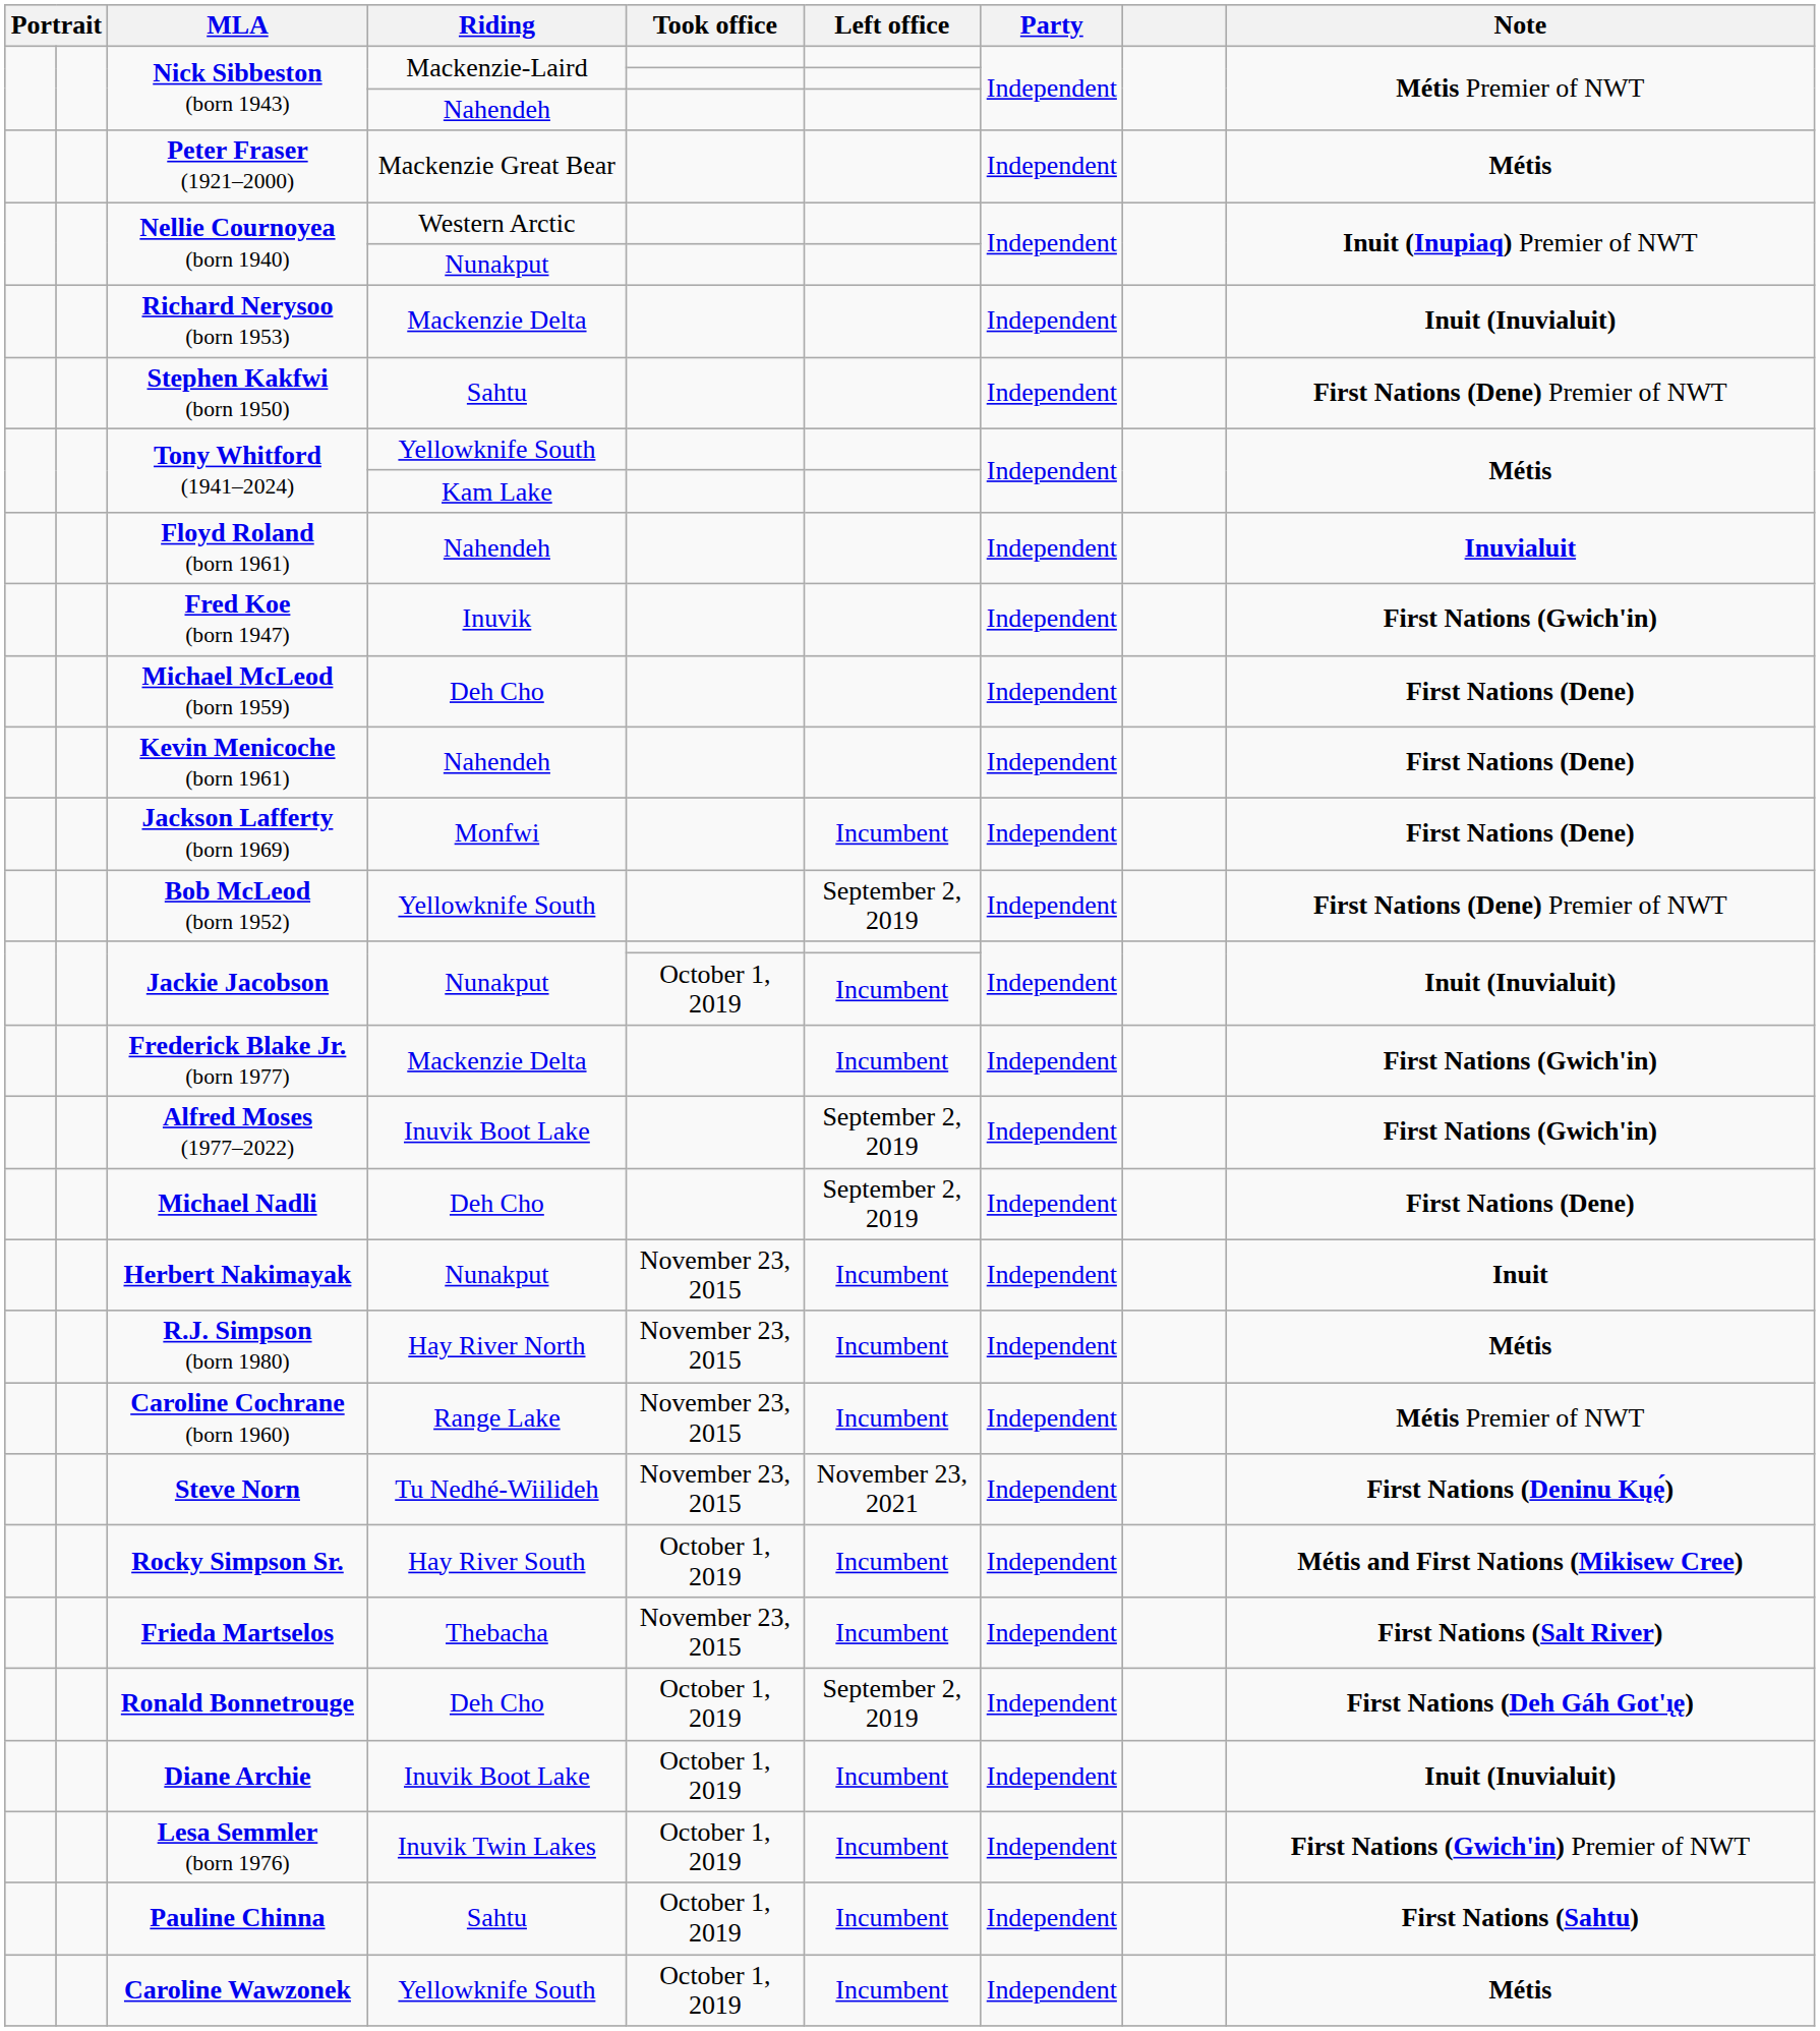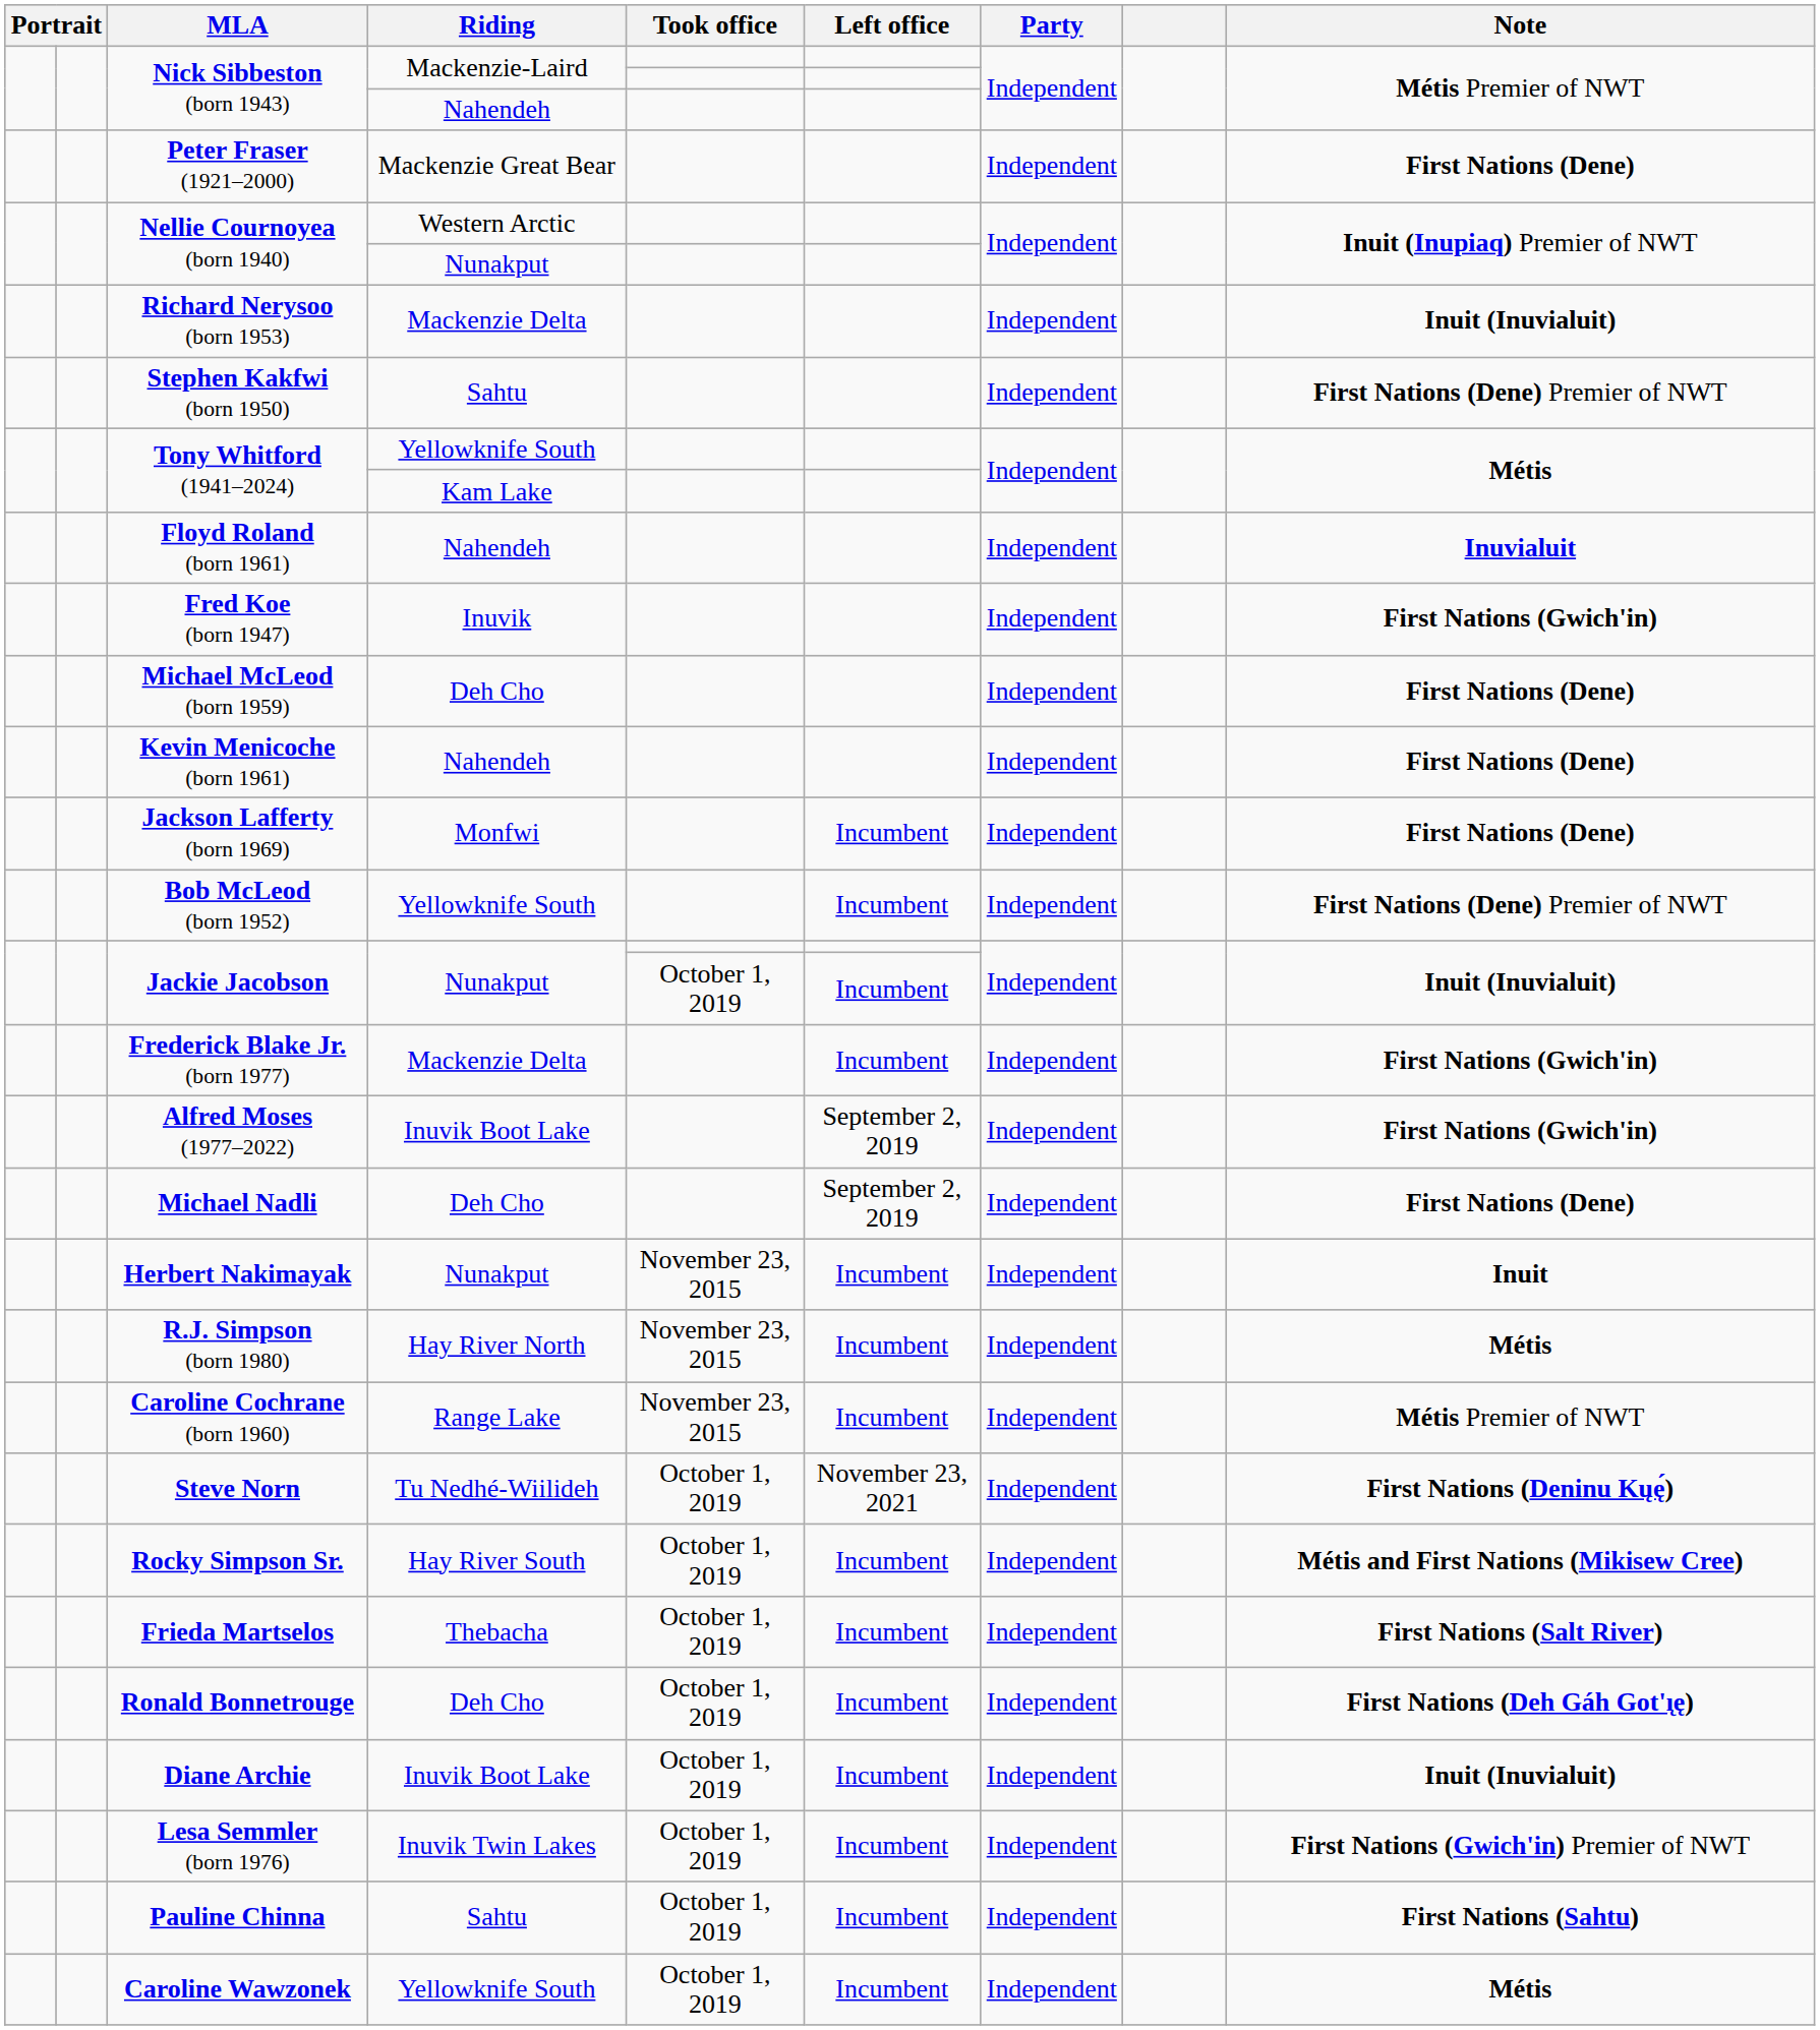 <table class="wikitable sortable plainrowheaders" style="text-align: center;">
 <tr>
 <th colspan="2" class=unsortable>Portrait</th>
 <th class="unsortable" style="width:150px;"><a href='#'>MLA</a></th>
 <th scope="col" style="width:150px;"><a href='#'>Riding</a></th>
 <th scope="col" style="width:100px;">Took office</th>
 <th scope="col" style="width:100px;">Left office</th>
 <th scope="col" style="width:70px;"><a href='#'>Party</a></th>
 <th scope="col" class="unsortable" style="width:55px;"></th>
 <th scope="col" class="unsortable" style="width:350px;">Note</th>
 </tr>
 <tr>
 <td rowspan="3" style="background:"></td>
 <td rowspan="3"></td>
 <td rowspan="3"><strong><a href='#'>Nick Sibbeston</a></strong><br><small>(born 1943)</small></td>
 <td rowspan="2">Mackenzie-Laird</td>
 <td></td>
 <td></td>
 <td rowspan="3"><a href='#'>Independent</a></td>
 <td rowspan="3"></td>
 <td rowspan="3"><strong>Métis</strong> Premier of NWT</td>
 </tr>
 <tr>
 <td></td>
 <td></td>
 </tr>
 <tr>
 <td><a href='#'>Nahendeh</a></td>
 <td></td>
 <td></td>
 </tr>
 <tr>
 <td rowspan="1" style="background:"></td>
 <td></td>
 <td><strong><a href='#'>Peter Fraser</a></strong><br><small>(1921–2000)</small></td>
 <td>Mackenzie Great Bear</td>
 <td></td>
 <td></td>
 <td><a href='#'>Independent</a></td>
 <td></td>
-<td><strong>Métis</strong></td>
+<td><strong>First Nations (Dene)</strong></td>
 </tr>
 <tr>
 <td rowspan="2" style="background:"></td>
 <td rowspan="2"></td>
 <td rowspan="2"><strong><a href='#'>Nellie Cournoyea</a></strong><br><small>(born 1940)</small></td>
 <td>Western Arctic</td>
 <td></td>
 <td></td>
 <td rowspan="2"><a href='#'>Independent</a></td>
 <td rowspan="2"></td>
 <td rowspan="2"><strong>Inuit (<a href='#'>Inupiaq</a>)</strong> Premier of NWT</td>
 </tr>
 <tr>
 <td><a href='#'>Nunakput</a></td>
 <td></td>
 <td></td>
 </tr>
 <tr>
 <td rowspan="1" style="background:"></td>
 <td></td>
 <td><strong><a href='#'>Richard Nerysoo</a></strong><br><small>(born 1953)</small></td>
 <td><a href='#'>Mackenzie Delta</a></td>
 <td></td>
 <td></td>
 <td><a href='#'>Independent</a></td>
 <td></td>
 <td><strong>Inuit (Inuvialuit)</strong></td>
 </tr>
 <tr>
 <td rowspan="1" style="background:"></td>
 <td></td>
 <td><strong><a href='#'>Stephen Kakfwi</a></strong><br><small>(born 1950)</small></td>
 <td><a href='#'>Sahtu</a></td>
 <td></td>
 <td></td>
 <td><a href='#'>Independent</a></td>
 <td></td>
 <td><strong>First Nations (Dene)</strong> Premier of NWT</td>
 </tr>
 <tr>
 <td rowspan="2" style="background:"></td>
 <td rowspan="2"></td>
 <td rowspan="2"><strong><a href='#'>Tony Whitford</a></strong><br><small>(1941–2024)</small></td>
 <td><a href='#'>Yellowknife South</a></td>
 <td></td>
 <td></td>
 <td rowspan="2"><a href='#'>Independent</a></td>
 <td rowspan="2"></td>
 <td rowspan="2"><strong>Métis</strong></td>
 </tr>
 <tr>
 <td><a href='#'>Kam Lake</a></td>
 <td></td>
 <td></td>
 </tr>
 <tr>
 <td rowspan="1" style="background:"></td>
 <td></td>
 <td><strong><a href='#'>Floyd Roland</a></strong><br><small>(born 1961)</small></td>
 <td><a href='#'>Nahendeh</a></td>
 <td></td>
 <td></td>
 <td><a href='#'>Independent</a></td>
 <td></td>
 <td><strong><a href='#'>Inuvialuit</a></strong></td>
 </tr>
 <tr>
 <td rowspan="1" style="background:"></td>
 <td></td>
 <td><strong><a href='#'>Fred Koe</a></strong><br><small>(born 1947)</small></td>
 <td><a href='#'>Inuvik</a></td>
 <td></td>
 <td></td>
 <td><a href='#'>Independent</a></td>
 <td></td>
 <td><strong>First Nations (Gwich'in)</strong></td>
 </tr>
 <tr>
 <td rowspan="1" style="background:"></td>
 <td></td>
 <td><strong><a href='#'>Michael McLeod</a></strong><br><small>(born 1959)</small></td>
 <td><a href='#'>Deh Cho</a></td>
 <td></td>
 <td></td>
 <td><a href='#'>Independent</a></td>
 <td></td>
 <td><strong>First Nations (Dene)</strong></td>
 </tr>
 <tr>
 <td rowspan="1" style="background:"></td>
 <td></td>
 <td><strong><a href='#'>Kevin Menicoche</a></strong><br><small>(born 1961)</small></td>
 <td><a href='#'>Nahendeh</a></td>
 <td></td>
 <td></td>
 <td><a href='#'>Independent</a></td>
 <td></td>
 <td><strong>First Nations (Dene)</strong></td>
 </tr>
 <tr>
 <td rowspan="1" style="background:"></td>
 <td></td>
 <td><strong><a href='#'>Jackson Lafferty</a></strong><br><small>(born 1969)</small></td>
 <td><a href='#'>Monfwi</a></td>
 <td></td>
 <td><a href='#'>Incumbent</a></td>
 <td><a href='#'>Independent</a></td>
 <td></td>
 <td><strong>First Nations (Dene)</strong></td>
 </tr>
 <tr>
 <td rowspan="1" style="background:"></td>
 <td></td>
 <td><strong><a href='#'>Bob McLeod</a></strong><br><small>(born 1952)</small></td>
 <td><a href='#'>Yellowknife South</a></td>
 <td></td>
-<td>September 2, 2019</td>
+<td><a href='#'>Incumbent</a></td>
 <td><a href='#'>Independent</a></td>
 <td></td>
 <td><strong>First Nations (Dene)</strong> Premier of NWT</td>
 </tr>
 <tr>
 <td rowspan="2" style="background:"></td>
 <td rowspan="2"></td>
 <td rowspan="2"><strong><a href='#'>Jackie Jacobson</a></strong></td>
 <td rowspan="2"><a href='#'>Nunakput</a></td>
 <td></td>
 <td></td>
 <td rowspan="2"><a href='#'>Independent</a></td>
 <td rowspan="2"></td>
 <td rowspan="2"><strong>Inuit (Inuvialuit)</strong></td>
 </tr>
 <tr>
 <td>October 1, 2019</td>
 <td><a href='#'>Incumbent</a></td>
 </tr>
 <tr>
 <td rowspan="1" style="background:"></td>
 <td></td>
 <td><strong><a href='#'>Frederick Blake Jr.</a></strong><br><small>(born 1977)</small></td>
 <td><a href='#'>Mackenzie Delta</a></td>
 <td></td>
 <td><a href='#'>Incumbent</a></td>
 <td><a href='#'>Independent</a></td>
 <td></td>
 <td><strong>First Nations (Gwich'in)</strong></td>
 </tr>
 <tr>
 <td rowspan="1" style="background:"></td>
 <td></td>
 <td><strong><a href='#'>Alfred Moses</a></strong><br><small>(1977–2022)</small></td>
 <td><a href='#'>Inuvik Boot Lake</a></td>
 <td></td>
 <td>September 2, 2019</td>
 <td><a href='#'>Independent</a></td>
 <td></td>
 <td><strong>First Nations (Gwich'in)</strong></td>
 </tr>
 <tr>
 <td rowspan="1" style="background:"></td>
 <td></td>
 <td><strong><a href='#'>Michael Nadli</a></strong></td>
 <td><a href='#'>Deh Cho</a></td>
 <td></td>
 <td>September 2, 2019</td>
 <td><a href='#'>Independent</a></td>
 <td></td>
 <td><strong>First Nations (Dene)</strong></td>
 </tr>
 <tr>
 <td rowspan="1" style="background:"></td>
 <td></td>
 <td><strong><a href='#'>Herbert Nakimayak</a></strong></td>
 <td><a href='#'>Nunakput</a></td>
 <td>November 23, 2015</td>
 <td><a href='#'>Incumbent</a></td>
 <td><a href='#'>Independent</a></td>
 <td></td>
 <td><strong>Inuit</strong></td>
 </tr>
 <tr>
 <td rowspan="1" style="background:"></td>
 <td></td>
 <td><strong><a href='#'>R.J. Simpson</a></strong><br><small>(born 1980)</small></td>
 <td><a href='#'>Hay River North</a></td>
 <td>November 23, 2015</td>
 <td><a href='#'>Incumbent</a></td>
 <td><a href='#'>Independent</a></td>
 <td></td>
 <td><strong>Métis</strong></td>
 </tr>
 <tr>
 <td rowspan="1" style="background:"></td>
 <td></td>
 <td><strong><a href='#'>Caroline Cochrane</a></strong><br><small>(born 1960)</small></td>
 <td><a href='#'>Range Lake</a></td>
 <td>November 23, 2015</td>
 <td><a href='#'>Incumbent</a></td>
 <td><a href='#'>Independent</a></td>
 <td></td>
 <td><strong>Métis</strong> Premier of NWT</td>
 </tr>
 <tr>
 <td rowspan="1" style="background:"></td>
 <td></td>
 <td><strong><a href='#'>Steve Norn</a></strong></td>
 <td><a href='#'>Tu Nedhé-Wiilideh</a></td>
-<td>November 23, 2015</td>
+<td>October 1, 2019</td>
 <td>November 23, 2021</td>
 <td><a href='#'>Independent</a></td>
 <td></td>
 <td><strong>First Nations (<a href='#'>Deninu Kųę́</a>)</strong></td>
 </tr>
 <tr>
 <td rowspan="1" style="background:"></td>
 <td></td>
 <td><strong><a href='#'>Rocky Simpson Sr.</a></strong></td>
 <td><a href='#'>Hay River South</a></td>
 <td>October 1, 2019</td>
 <td><a href='#'>Incumbent</a></td>
 <td><a href='#'>Independent</a></td>
 <td></td>
 <td><strong>Métis and First Nations (<a href='#'>Mikisew Cree</a>)</strong></td>
 </tr>
 <tr>
 <td rowspan="1" style="background:"></td>
 <td></td>
 <td><strong><a href='#'>Frieda Martselos</a></strong></td>
 <td><a href='#'>Thebacha</a></td>
-<td>November 23, 2015</td>
+<td>October 1, 2019</td>
 <td><a href='#'>Incumbent</a></td>
 <td><a href='#'>Independent</a></td>
 <td></td>
 <td><strong>First Nations (<a href='#'>Salt River</a>)</strong></td>
 </tr>
 <tr>
 <td rowspan="1" style="background:"></td>
 <td></td>
 <td><strong><a href='#'>Ronald Bonnetrouge</a></strong></td>
 <td><a href='#'>Deh Cho</a></td>
 <td>October 1, 2019</td>
-<td>September 2, 2019</td>
+<td><a href='#'>Incumbent</a></td>
 <td><a href='#'>Independent</a></td>
 <td></td>
 <td><strong>First Nations (<a href='#'>Deh Gáh Got'ı̨ę</a>)</strong></td>
 </tr>
 <tr>
 <td rowspan="1" style="background:"></td>
 <td></td>
 <td><strong><a href='#'>Diane Archie</a></strong></td>
 <td><a href='#'>Inuvik Boot Lake</a></td>
 <td>October 1, 2019</td>
 <td><a href='#'>Incumbent</a></td>
 <td><a href='#'>Independent</a></td>
 <td></td>
 <td><strong>Inuit (Inuvialuit)</strong></td>
 </tr>
 <tr>
 <td rowspan="1" style="background:"></td>
 <td></td>
 <td><strong><a href='#'>Lesa Semmler</a></strong><br><small>(born 1976)</small></td>
 <td><a href='#'>Inuvik Twin Lakes</a></td>
 <td>October 1, 2019</td>
 <td><a href='#'>Incumbent</a></td>
 <td><a href='#'>Independent</a></td>
 <td></td>
 <td><strong>First Nations (<a href='#'>Gwich'in</a>)</strong> Premier of NWT</td>
 </tr>
 <tr>
 <td rowspan="1" style="background:"></td>
 <td></td>
 <td><a href='#'><strong>Pauline Chinna</strong></a></td>
 <td><a href='#'>Sahtu</a></td>
 <td>October 1, 2019</td>
 <td><a href='#'>Incumbent</a></td>
 <td><a href='#'>Independent</a></td>
 <td></td>
 <td><strong>First Nations (<a href='#'>Sahtu</a>)</strong></td>
 </tr>
 <tr>
 <td rowspan="1" style="background:"></td>
 <td></td>
 <td><strong><a href='#'>Caroline Wawzonek</a></strong></td>
 <td><a href='#'>Yellowknife South</a></td>
 <td>October 1, 2019</td>
 <td><a href='#'>Incumbent</a></td>
 <td><a href='#'>Independent</a></td>
 <td></td>
 <td><strong>Métis</strong></td>
 </tr>
 </table>
